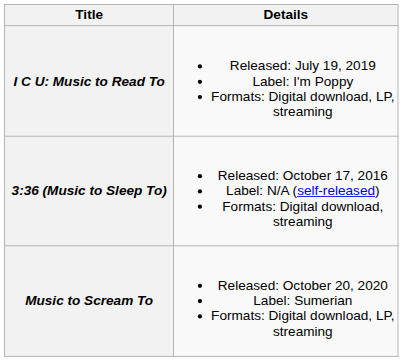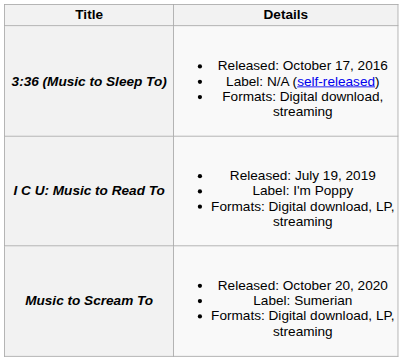 <table class="wikitable plainrowheaders" style="text-align:center;">
 <tr>
 <th scope="col" style="width:12em;">Title</th>
 <th scope="col" style="width:16em;">Details</th>
 </tr>
 <tr>
+<th scope="row"><em>3:36 (Music to Sleep To)</em></th>
+<td><br><ul><li>Released: October 17, 2016</li><li>Label: N/A (<a href='#'>self-released</a>)</li><li>Formats: Digital download, streaming</li></ul></td>
+</tr>
+<tr>
 <th scope="row"><em>I C U: Music to Read To</em></th>
 <td><br><ul><li>Released: July 19, 2019</li><li>Label: I'm Poppy</li><li>Formats: Digital download, LP, streaming</li></ul></td>
-</tr>
-<tr>
-<th scope="row"><em>3:36 (Music to Sleep To)</em></th>
-<td><br><ul><li>Released: October 17, 2016</li><li>Label: N/A (<a href='#'>self-released</a>)</li><li>Formats: Digital download, streaming</li></ul></td>
 </tr>
 <tr>
 <th scope="row"><em>Music to Scream To</em></th>
 <td><br><ul><li>Released: October 20, 2020</li><li>Label: Sumerian</li><li>Formats: Digital download, LP, streaming</li></ul></td>
 </tr>
 </table>
